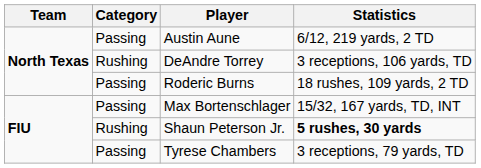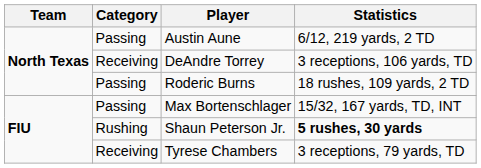 <table class="wikitable" style="float: left;">
 <tr>
 <th>Team</th>
 <th>Category</th>
 <th>Player</th>
 <th>Statistics</th>
 </tr>
 <tr>
 <td rowspan=3><strong>North Texas</strong></td>
 <td>Passing</td>
 <td>Austin Aune</td>
 <td>6/12, 219 yards, 2 TD</td>
 </tr>
 <tr>
-<td>Rushing</td>
+<td>Receiving</td>
 <td>DeAndre Torrey</td>
 <td>3 receptions, 106 yards, TD</td>
 </tr>
 <tr>
 <td>Passing</td>
 <td>Roderic Burns</td>
 <td>18 rushes, 109 yards, 2 TD</td>
 </tr>
 <tr>
 <td rowspan=3><strong>FIU</strong></td>
 <td>Passing</td>
 <td>Max Bortenschlager</td>
 <td>15/32, 167 yards, TD, INT</td>
 </tr>
 <tr>
 <td>Rushing</td>
 <td>Shaun Peterson Jr.</td>
 <td><strong>5 rushes, 30 yards</strong></td>
 </tr>
 <tr>
-<td>Passing</td>
+<td>Receiving</td>
 <td>Tyrese Chambers</td>
 <td>3 receptions, 79 yards, TD</td>
 </tr>
 </table>
